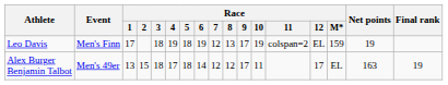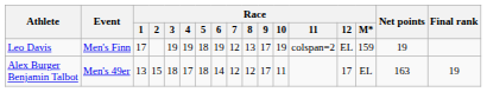 <table class="wikitable" style="font-size:90%">
 <tr>
 <th rowspan="2">Athlete</th>
 <th rowspan="2">Event</th>
 <th colspan=13>Race</th>
 <th rowspan=2>Net points</th>
 <th rowspan=2>Final rank</th>
 </tr>
 <tr style="font-size:95%">
 <th>1</th>
 <th>2</th>
 <th>3</th>
 <th>4</th>
 <th>5</th>
 <th>6</th>
 <th>7</th>
 <th>8</th>
 <th>9</th>
 <th>10</th>
 <th>11</th>
 <th>12</th>
 <th>M*</th>
 </tr>
 <tr align=center>
 <td align=left><a href='#'>Leo Davis</a></td>
 <td align=left><a href='#'>Men's Finn</a></td>
 <td>17</td>
 <td></td>
-<td>18</td>
+<td>19</td>
 <td>19</td>
 <td>18</td>
 <td>19</td>
 <td>12</td>
 <td>13</td>
 <td>17</td>
 <td>19</td>
 <td>colspan=2 </td>
 <td>EL</td>
 <td>159</td>
 <td>19</td>
 </tr>
 <tr align=center>
 <td align=left><a href='#'>Alex Burger</a><br><a href='#'>Benjamin Talbot</a></td>
 <td align=left><a href='#'>Men's 49er</a></td>
 <td>13</td>
 <td>15</td>
 <td>18</td>
 <td>17</td>
 <td>18</td>
 <td>14</td>
 <td>12</td>
 <td>12</td>
 <td>17</td>
 <td>11</td>
 <td></td>
 <td>17</td>
 <td>EL</td>
 <td>163</td>
 <td>19</td>
 </tr>
 </table>
